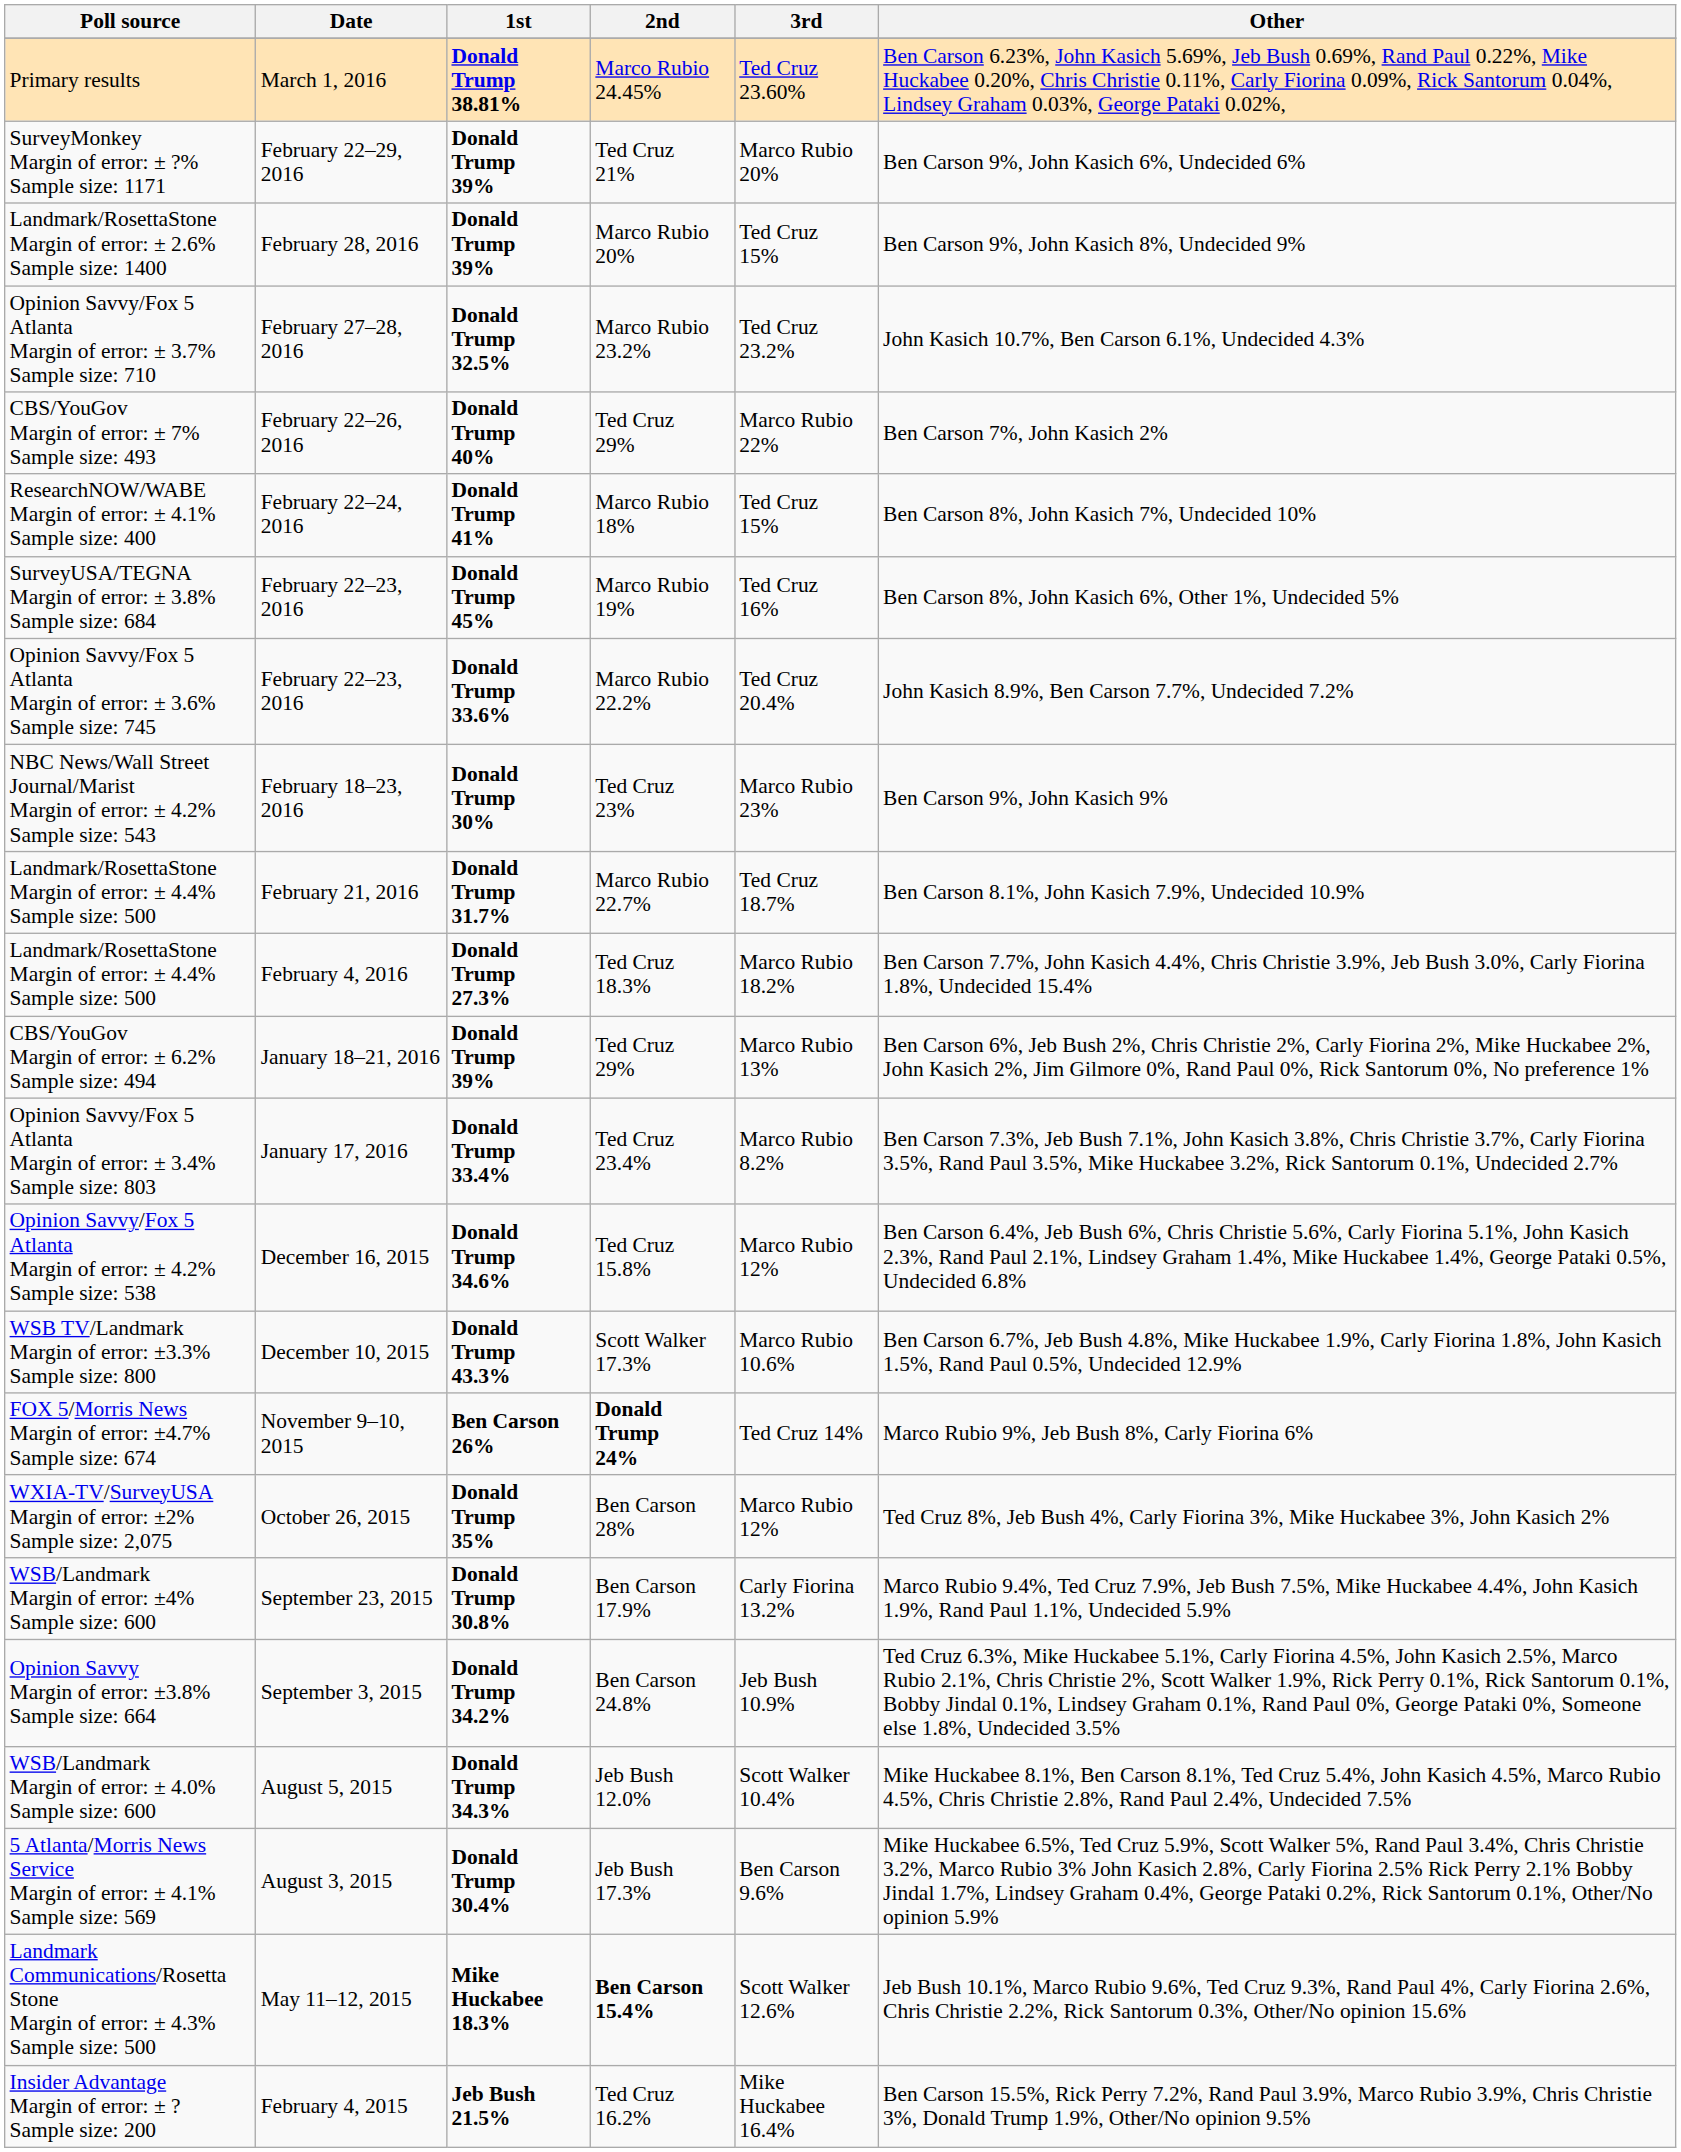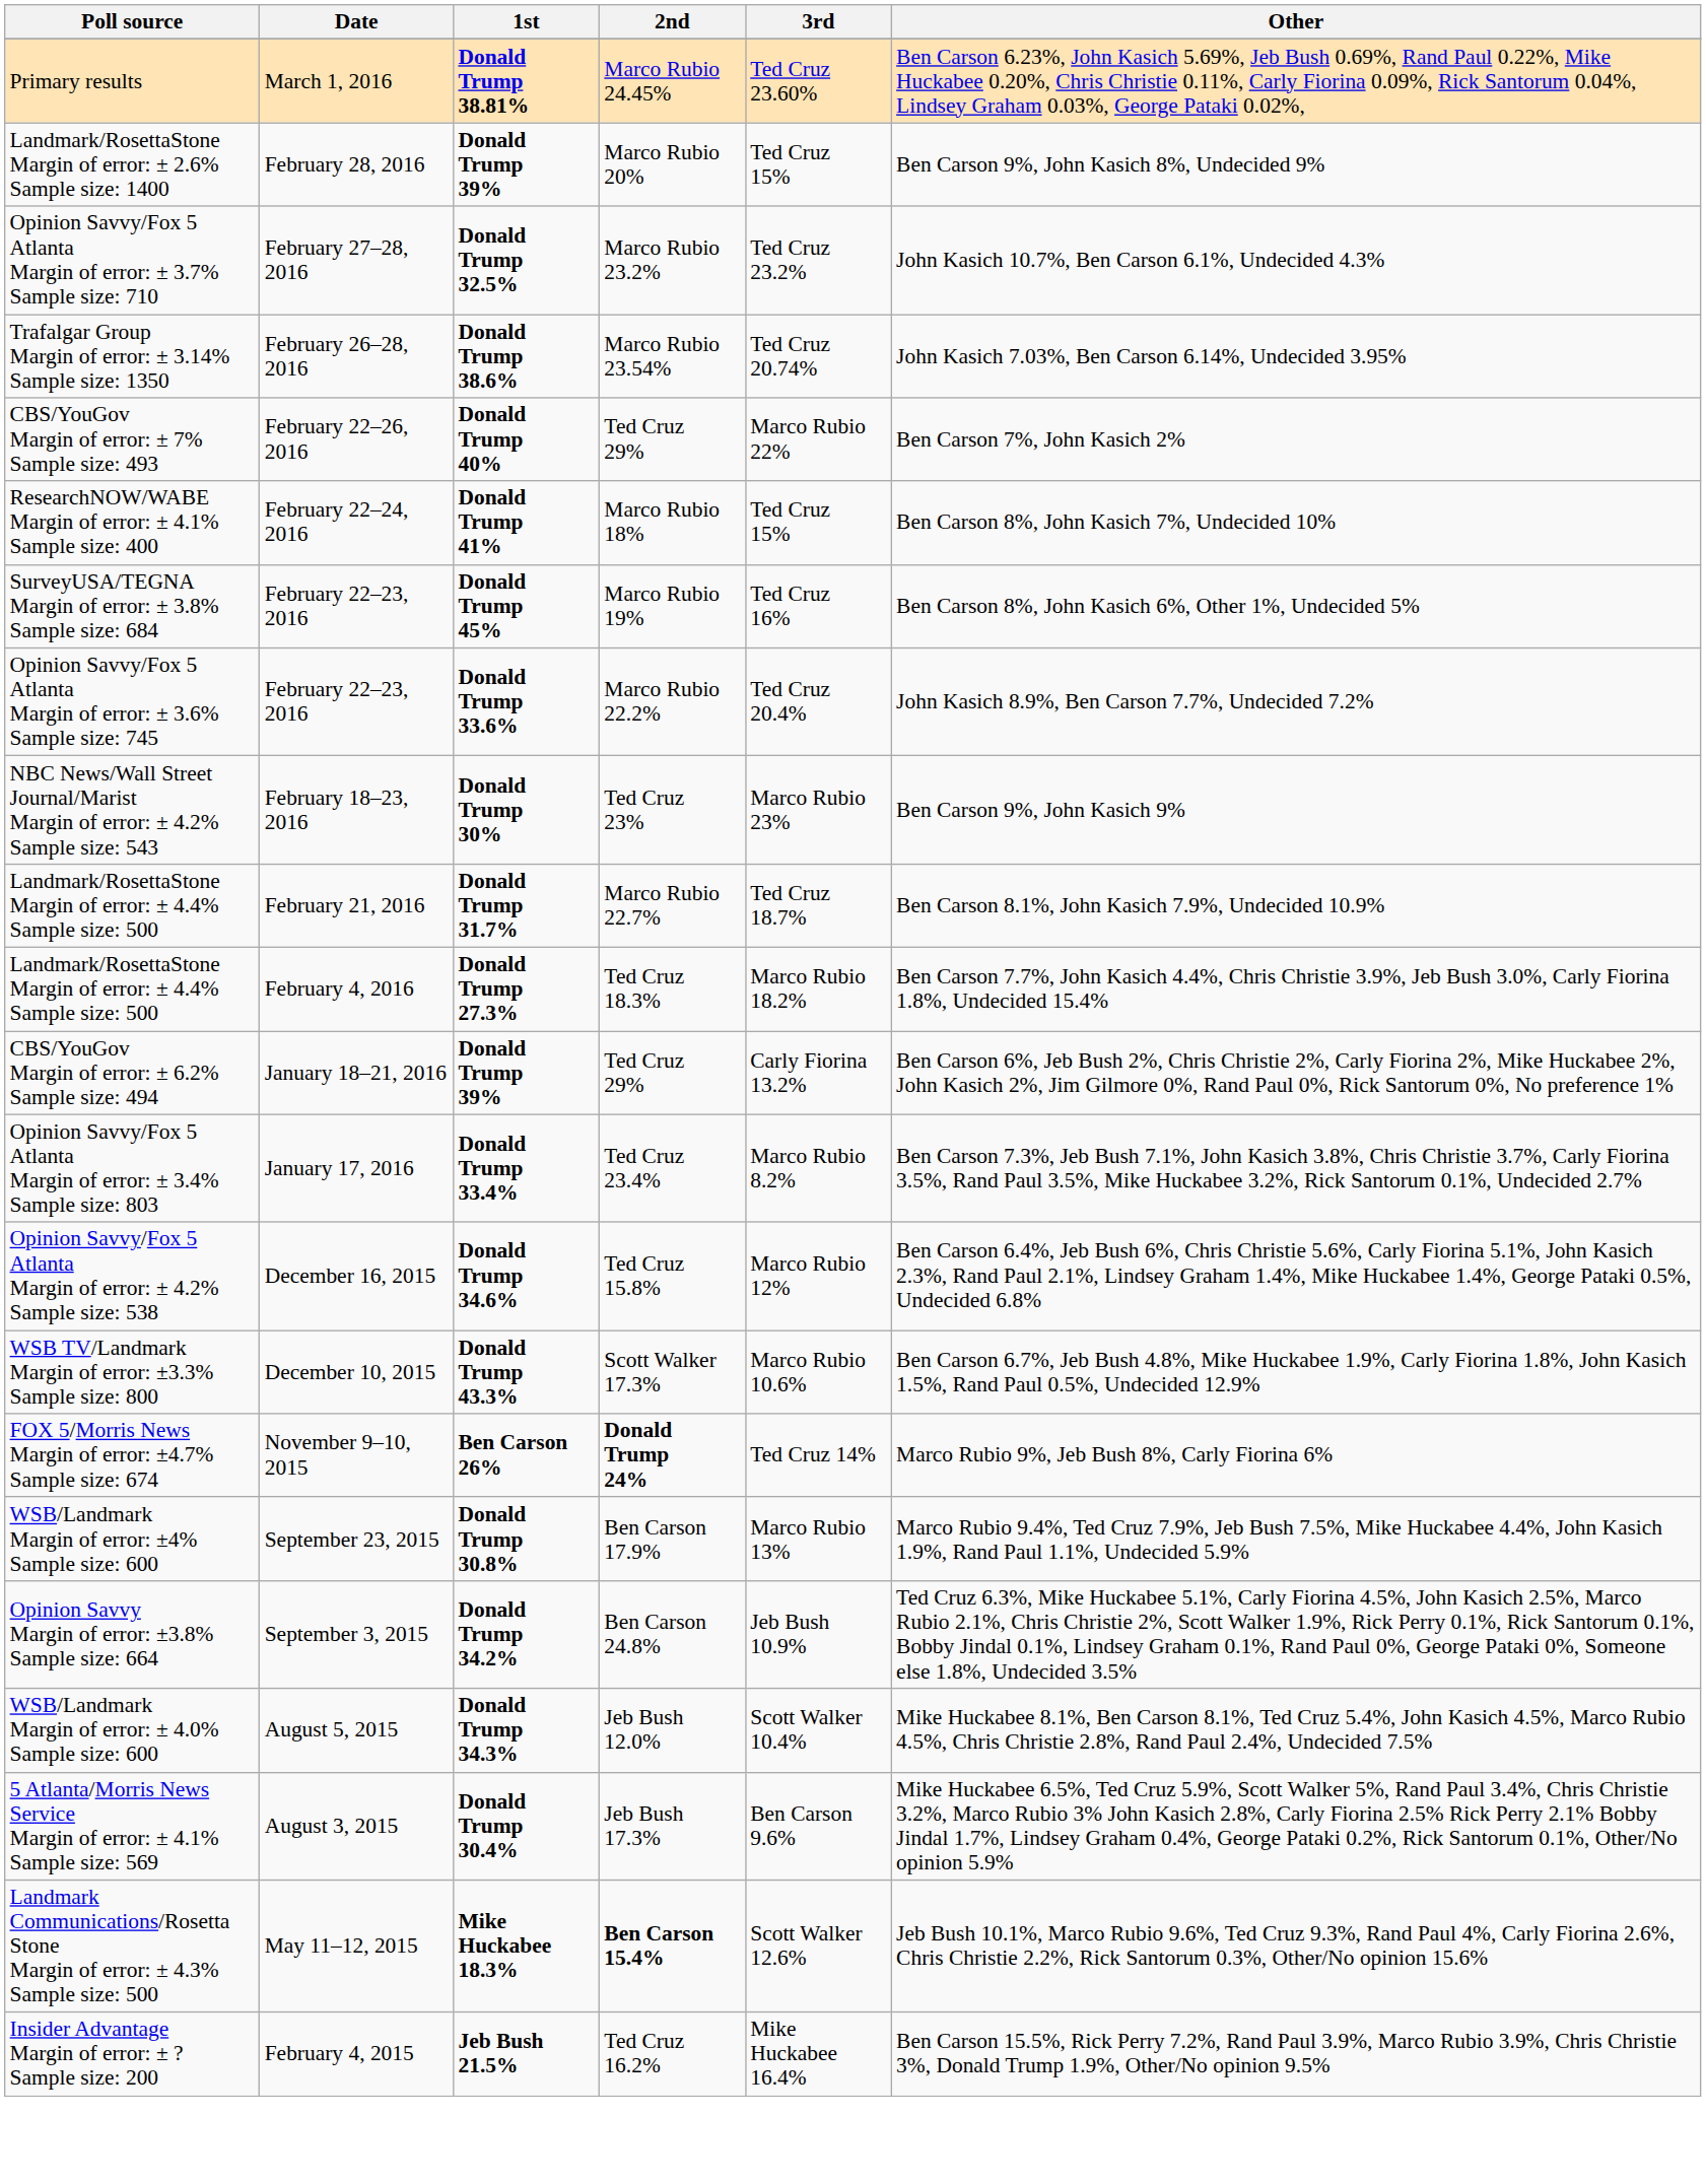 <table class="wikitable">
 <tr>
 <th style="width:180px;">Poll source</th>
 <th style="width:135px;">Date</th>
 <th style="width:100px;">1st</th>
 <th style="width:100px;">2nd</th>
 <th style="width:100px;">3rd</th>
 <th>Other</th>
 </tr>
 <tr>
 </tr>
 <tr style="background:Moccasin;">
 <td>Primary results</td>
 <td>March 1, 2016</td>
 <td><strong><a href='#'>Donald Trump</a><br>38.81%</strong></td>
 <td><a href='#'>Marco Rubio</a><br>24.45%</td>
 <td><a href='#'>Ted Cruz</a><br>23.60%</td>
 <td><a href='#'>Ben Carson</a> 6.23%, <a href='#'>John Kasich</a> 5.69%, <a href='#'>Jeb Bush</a> 0.69%, <a href='#'>Rand Paul</a> 0.22%, <a href='#'>Mike Huckabee</a> 0.20%, <a href='#'>Chris Christie</a> 0.11%, <a href='#'>Carly Fiorina</a> 0.09%, <a href='#'>Rick Santorum</a> 0.04%, <a href='#'>Lindsey Graham</a> 0.03%, <a href='#'>George Pataki</a> 0.02%,</td>
 </tr>
 <tr>
-<td>SurveyMonkey<br>Margin of error: ± ?% Sample size: 1171</td>
-<td>February 22–29, 2016</td>
-<td><strong>Donald Trump<br>39%</strong></td>
-<td>Ted Cruz<br>21%</td>
-<td>Marco Rubio<br>20%</td>
-<td>Ben Carson 9%, John Kasich 6%, Undecided 6%</td>
-</tr>
-<tr>
 <td>Landmark/RosettaStone<br>Margin of error: ± 2.6% <br>Sample size: 1400</td>
 <td>February 28, 2016</td>
 <td><strong>Donald Trump<br>39%</strong></td>
 <td>Marco Rubio<br>20%</td>
 <td>Ted Cruz<br>15%</td>
 <td>Ben Carson 9%, John Kasich 8%, Undecided 9%</td>
 </tr>
 <tr>
 <td>Opinion Savvy/Fox 5 Atlanta<br>Margin of error: ± 3.7% Sample size: 710</td>
 <td>February 27–28, 2016</td>
 <td><strong>Donald Trump<br>32.5%</strong></td>
 <td>Marco Rubio<br>23.2%</td>
 <td>Ted Cruz<br>23.2%</td>
 <td>John Kasich 10.7%, Ben Carson 6.1%, Undecided 4.3%</td>
+</tr>
+<tr>
+<td>Trafalgar Group<br>Margin of error: ± 3.14% Sample size: 1350</td>
+<td>February 26–28, 2016</td>
+<td><strong>Donald Trump<br>38.6%</strong></td>
+<td>Marco Rubio<br>23.54%</td>
+<td>Ted Cruz<br>20.74%</td>
+<td>John Kasich 7.03%, Ben Carson 6.14%, Undecided 3.95%</td>
 </tr>
 <tr>
 <td>CBS/YouGov<br>Margin of error: ± 7% Sample size: 493</td>
 <td>February 22–26, 2016</td>
 <td><strong>Donald Trump<br>40%</strong></td>
 <td>Ted Cruz<br>29%</td>
 <td>Marco Rubio<br>22%</td>
 <td>Ben Carson 7%, John Kasich 2%</td>
 </tr>
 <tr>
 <td>ResearchNOW/WABE<br>Margin of error: ± 4.1% Sample size: 400</td>
 <td>February 22–24, 2016</td>
 <td><strong>Donald Trump<br>41%</strong></td>
 <td>Marco Rubio<br>18%</td>
 <td>Ted Cruz<br>15%</td>
 <td>Ben Carson 8%, John Kasich 7%, Undecided 10%</td>
 </tr>
 <tr>
 <td>SurveyUSA/TEGNA<br>Margin of error: ± 3.8% Sample size: 684</td>
 <td>February 22–23, 2016</td>
 <td><strong>Donald Trump<br>45%</strong></td>
 <td>Marco Rubio<br>19%</td>
 <td>Ted Cruz<br>16%</td>
 <td>Ben Carson 8%, John Kasich 6%, Other 1%, Undecided 5%</td>
 </tr>
 <tr>
 <td>Opinion Savvy/Fox 5 Atlanta<br>Margin of error: ± 3.6% Sample size: 745</td>
 <td>February 22–23, 2016</td>
 <td><strong>Donald Trump<br>33.6%</strong></td>
 <td>Marco Rubio<br>22.2%</td>
 <td>Ted Cruz<br>20.4%</td>
 <td>John Kasich 8.9%, Ben Carson 7.7%, Undecided 7.2%</td>
 </tr>
 <tr>
 <td>NBC News/Wall Street<br>Journal/Marist<br>Margin of error: ± 4.2% <br>Sample size: 543</td>
 <td>February 18–23, 2016</td>
 <td><strong>Donald Trump<br>30%</strong></td>
 <td>Ted Cruz<br>23%</td>
 <td>Marco Rubio<br>23%</td>
 <td>Ben Carson 9%, John Kasich 9%</td>
 </tr>
 <tr>
 <td>Landmark/RosettaStone<br>Margin of error: ± 4.4% <br>Sample size: 500</td>
 <td>February 21, 2016</td>
 <td><strong>Donald Trump<br>31.7%</strong></td>
 <td>Marco Rubio<br>22.7%</td>
 <td>Ted Cruz<br>18.7%</td>
 <td>Ben Carson 8.1%, John Kasich 7.9%, Undecided 10.9%</td>
 </tr>
 <tr>
 <td>Landmark/RosettaStone<br>Margin of error: ± 4.4% <br>Sample size: 500</td>
 <td>February 4, 2016</td>
 <td><strong>Donald Trump<br>27.3%</strong></td>
 <td>Ted Cruz<br>18.3%</td>
 <td>Marco Rubio<br>18.2%</td>
 <td>Ben Carson 7.7%, John Kasich 4.4%, Chris Christie 3.9%, Jeb Bush 3.0%, Carly Fiorina 1.8%, Undecided 15.4%</td>
 </tr>
 <tr>
 <td>CBS/YouGov<br>Margin of error: ± 6.2% <br>Sample size: 494</td>
 <td>January 18–21, 2016</td>
 <td><strong>Donald Trump<br>39%</strong></td>
 <td>Ted Cruz<br>29%</td>
-<td>Marco Rubio<br>13%</td>
+<td>Carly Fiorina 13.2%</td>
 <td>Ben Carson 6%, Jeb Bush 2%, Chris Christie 2%, Carly Fiorina 2%, Mike Huckabee 2%, John Kasich 2%, Jim Gilmore 0%, Rand Paul 0%, Rick Santorum 0%, No preference 1%</td>
 </tr>
 <tr>
 <td>Opinion Savvy/Fox 5 Atlanta<br>Margin of error: ± 3.4% Sample size: 803</td>
 <td>January 17, 2016</td>
 <td><strong>Donald Trump<br>33.4%</strong></td>
 <td>Ted Cruz<br>23.4%</td>
 <td>Marco Rubio<br>8.2%</td>
 <td>Ben Carson 7.3%, Jeb Bush 7.1%, John Kasich 3.8%, Chris Christie 3.7%, Carly Fiorina 3.5%, Rand Paul 3.5%, Mike Huckabee 3.2%, Rick Santorum 0.1%, Undecided 2.7%</td>
 </tr>
 <tr>
 <td><a href='#'>Opinion Savvy</a>/<a href='#'>Fox 5 Atlanta</a><br>Margin of error: ± 4.2% <br>Sample size: 538</td>
 <td>December 16, 2015</td>
 <td><strong>Donald Trump<br>34.6%</strong></td>
 <td>Ted Cruz 15.8%</td>
 <td>Marco Rubio 12%</td>
 <td>Ben Carson 6.4%, Jeb Bush 6%, Chris Christie 5.6%, Carly Fiorina 5.1%, John Kasich 2.3%, Rand Paul 2.1%, Lindsey Graham 1.4%, Mike Huckabee 1.4%, George Pataki 0.5%, Undecided 6.8%</td>
 </tr>
 <tr>
 <td><a href='#'>WSB TV</a>/Landmark<br>Margin of error: ±3.3% <br>Sample size: 800</td>
 <td>December 10, 2015</td>
 <td><strong>Donald Trump<br>43.3%</strong></td>
 <td>Scott Walker<br>17.3%</td>
 <td>Marco Rubio 10.6%</td>
 <td>Ben Carson 6.7%, Jeb Bush 4.8%, Mike Huckabee 1.9%, Carly Fiorina 1.8%, John Kasich 1.5%, Rand Paul 0.5%, Undecided 12.9%</td>
 </tr>
 <tr>
 <td><a href='#'>FOX 5</a>/<a href='#'>Morris News</a><br>Margin of error: ±4.7% <br>Sample size: 674</td>
 <td>November 9–10, 2015</td>
 <td><strong>Ben Carson<br>26%</strong></td>
 <td><strong>Donald Trump<br>24%</strong></td>
 <td>Ted Cruz 14%</td>
 <td>Marco Rubio 9%, Jeb Bush 8%, Carly Fiorina 6%</td>
 </tr>
 <tr>
-<td><a href='#'>WXIA-TV</a>/<a href='#'>SurveyUSA</a><br>Margin of error: ±2% <br>Sample size: 2,075</td>
-<td>October 26, 2015</td>
-<td><strong>Donald Trump<br>35%</strong></td>
-<td>Ben Carson<br>28%</td>
-<td>Marco Rubio 12%</td>
-<td>Ted Cruz 8%, Jeb Bush 4%, Carly Fiorina 3%, Mike Huckabee 3%, John Kasich 2%</td>
-</tr>
-<tr>
 <td><a href='#'>WSB</a>/Landmark<br>Margin of error: ±4% <br>Sample size: 600</td>
 <td>September 23, 2015</td>
 <td><strong>Donald Trump<br>30.8%</strong></td>
 <td>Ben Carson<br>17.9%</td>
-<td>Carly Fiorina 13.2%</td>
+<td>Marco Rubio<br>13%</td>
 <td>Marco Rubio 9.4%, Ted Cruz 7.9%, Jeb Bush 7.5%, Mike Huckabee 4.4%, John Kasich 1.9%, Rand Paul 1.1%, Undecided 5.9%</td>
 </tr>
 <tr>
 <td><a href='#'>Opinion Savvy</a><br>Margin of error: ±3.8% <br>Sample size: 664</td>
 <td>September 3, 2015</td>
 <td><strong>Donald Trump<br>34.2%</strong></td>
 <td>Ben Carson<br>24.8%</td>
 <td>Jeb Bush<br>10.9%</td>
 <td>Ted Cruz 6.3%, Mike Huckabee 5.1%, Carly Fiorina 4.5%, John Kasich 2.5%, Marco Rubio 2.1%, Chris Christie 2%, Scott Walker 1.9%, Rick Perry 0.1%, Rick Santorum 0.1%, Bobby Jindal 0.1%, Lindsey Graham 0.1%, Rand Paul 0%, George Pataki 0%, Someone else 1.8%, Undecided 3.5%</td>
 </tr>
 <tr>
 <td><a href='#'>WSB</a>/Landmark<br>Margin of error: ± 4.0% <br>Sample size: 600</td>
 <td>August 5, 2015</td>
 <td><strong>Donald Trump<br>34.3%</strong></td>
 <td>Jeb Bush<br>12.0%</td>
 <td>Scott Walker<br>10.4%</td>
 <td>Mike Huckabee 8.1%, Ben Carson 8.1%, Ted Cruz 5.4%, John Kasich 4.5%, Marco Rubio 4.5%, Chris Christie 2.8%, Rand Paul 2.4%, Undecided 7.5%</td>
 </tr>
 <tr>
 <td><a href='#'>5 Atlanta</a>/<a href='#'>Morris News Service</a><br>Margin of error: ± 4.1% <br>Sample size: 569</td>
 <td>August 3, 2015</td>
 <td><strong>Donald Trump<br>30.4%</strong></td>
 <td>Jeb Bush<br>17.3%</td>
 <td>Ben Carson<br>9.6%</td>
 <td>Mike Huckabee 6.5%,  Ted Cruz 5.9%, Scott Walker 5%, Rand Paul 3.4%,  Chris Christie 3.2%, Marco Rubio 3% John Kasich 2.8%, Carly Fiorina 2.5% Rick Perry 2.1% Bobby Jindal 1.7%,  Lindsey Graham 0.4%, George Pataki 0.2%, Rick Santorum 0.1%, Other/No opinion 5.9%</td>
 </tr>
 <tr>
 <td><a href='#'>Landmark Communications</a>/Rosetta Stone<br>Margin of error: ± 4.3% <br>Sample size: 500</td>
 <td>May 11–12, 2015</td>
 <td><strong>Mike Huckabee<br>18.3%</strong></td>
 <td><strong>Ben Carson<br>15.4%</strong></td>
 <td>Scott Walker<br>12.6%</td>
 <td>Jeb Bush 10.1%, Marco Rubio 9.6%, Ted Cruz 9.3%, Rand Paul 4%, Carly Fiorina 2.6%, Chris Christie 2.2%, Rick Santorum 0.3%, Other/No opinion 15.6%</td>
 </tr>
 <tr>
 <td><a href='#'>Insider Advantage</a><br>Margin of error: ± ? <br>Sample size: 200</td>
 <td>February 4, 2015</td>
 <td><strong>Jeb Bush<br>21.5%</strong></td>
 <td>Ted Cruz 16.2%</td>
 <td>Mike Huckabee<br>16.4%</td>
 <td>Ben Carson 15.5%, Rick Perry 7.2%, Rand Paul 3.9%, Marco Rubio 3.9%, Chris Christie 3%, Donald Trump 1.9%, Other/No opinion 9.5%</td>
 </tr>
 </table>
